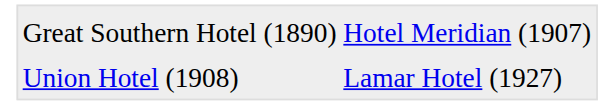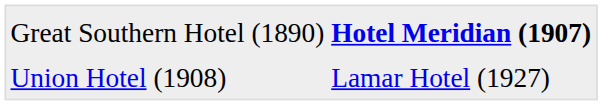 <table style="float:right; background:#eee; border:1px solid #ddd; margin:5px">
 <tr>
 <td></td>
 <td></td>
 </tr>
 <tr>
 <td>Great Southern Hotel (1890)</td>
-<td><a href='#'>Hotel Meridian</a> (1907)</td>
+<td><strong><a href='#'>Hotel Meridian</a> (1907)</strong></td>
 </tr>
 <tr>
 <td></td>
 <td></td>
 </tr>
 <tr>
 <td><a href='#'>Union Hotel</a> (1908)</td>
 <td><a href='#'>Lamar Hotel</a> (1927)</td>
 </tr>
 </table>
